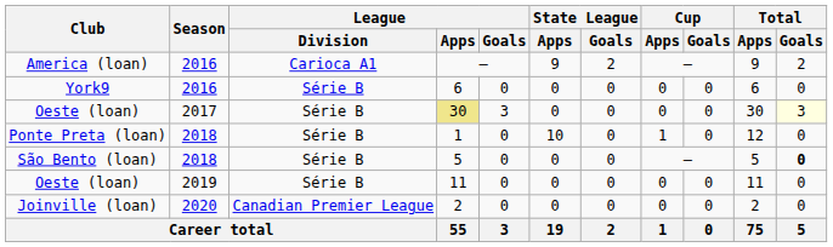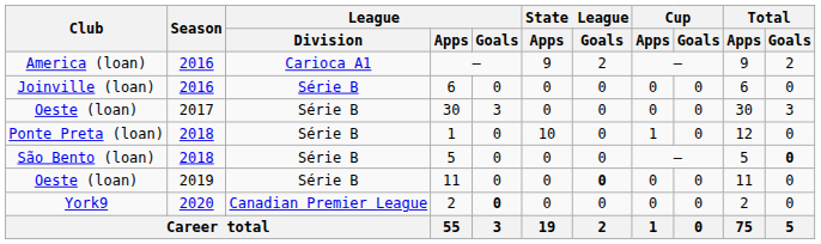 <table class="wikitable" style="text-align: center;">
 <tr>
 <th rowspan="2">Club</th>
 <th rowspan="2">Season</th>
 <th colspan="3">League</th>
 <th colspan="2">State League</th>
 <th colspan="2">Cup</th>
 <th colspan="2">Total</th>
 </tr>
 <tr>
 <th>Division</th>
 <th>Apps</th>
 <th>Goals</th>
 <th>Apps</th>
 <th>Goals</th>
 <th>Apps</th>
 <th>Goals</th>
 <th>Apps</th>
 <th>Goals</th>
 </tr>
 <tr>
 <td rowspan="1"><a href='#'>America</a> (loan)</td>
 <td><a href='#'>2016</a></td>
 <td><a href='#'>Carioca A1</a></td>
 <td colspan="2">—</td>
 <td>9</td>
 <td>2</td>
 <td colspan="2">—</td>
 <td>9</td>
 <td>2</td>
 </tr>
 <tr>
-<td><a href='#'>York9</a></td>
+<td rowspan="1"><a href='#'>Joinville</a> (loan)</td>
 <td><a href='#'>2016</a></td>
 <td><a href='#'>Série B</a></td>
 <td>6</td>
 <td>0</td>
 <td>0</td>
 <td>0</td>
 <td>0</td>
 <td>0</td>
 <td>6</td>
 <td>0</td>
 </tr>
 <tr>
 <td rowspan="1"><a href='#'>Oeste</a> (loan)</td>
 <td>2017</td>
 <td>Série B</td>
-<td style="background: khaki;">30</td>
+<td>30</td>
 <td>3</td>
 <td>0</td>
 <td>0</td>
 <td>0</td>
 <td>0</td>
 <td>30</td>
-<td style="background: lightyellow;">3</td>
+<td>3</td>
 </tr>
 <tr>
 <td rowspan="1"><a href='#'>Ponte Preta</a> (loan)</td>
 <td><a href='#'>2018</a></td>
 <td>Série B</td>
 <td>1</td>
 <td>0</td>
 <td>10</td>
 <td>0</td>
 <td>1</td>
 <td>0</td>
 <td>12</td>
 <td>0</td>
 </tr>
 <tr>
 <td rowspan="1"><a href='#'>São Bento</a> (loan)</td>
 <td><a href='#'>2018</a></td>
 <td>Série B</td>
 <td>5</td>
 <td>0</td>
 <td>0</td>
 <td>0</td>
 <td colspan="2">—</td>
 <td>5</td>
 <td><strong>0</strong></td>
 </tr>
 <tr>
 <td rowspan="1"><a href='#'>Oeste</a> (loan)</td>
 <td>2019</td>
 <td>Série B</td>
 <td>11</td>
 <td>0</td>
 <td>0</td>
-<td>0</td>
+<td><strong>0</strong></td>
 <td>0</td>
 <td>0</td>
 <td>11</td>
 <td>0</td>
 </tr>
 <tr>
-<td rowspan="1"><a href='#'>Joinville</a> (loan)</td>
+<td><a href='#'>York9</a></td>
 <td><a href='#'>2020</a></td>
 <td><a href='#'>Canadian Premier League</a></td>
 <td>2</td>
-<td>0</td>
+<td><strong>0</strong></td>
 <td>0</td>
 <td>0</td>
 <td>0</td>
 <td>0</td>
 <td>2</td>
 <td>0</td>
 </tr>
 <tr>
 <th colspan="3">Career total</th>
 <th>55</th>
 <th>3</th>
 <th>19</th>
 <th>2</th>
 <th>1</th>
 <th>0</th>
 <th>75</th>
 <th>5</th>
 </tr>
 </table>
